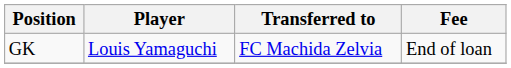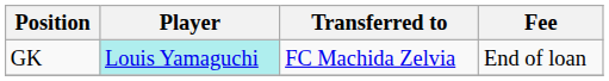 <table class="wikitable sortable" style="width:70%; text-align:center; font-size:100%; text-align:left;">
 <tr>
 <th>Position</th>
 <th>Player</th>
 <th>Transferred to</th>
 <th>Fee</th>
 </tr>
 <tr>
 <td>GK</td>
-<td> <a href='#'>Louis Yamaguchi</a></td>
+<td style="background: paleturquoise;"> <a href='#'>Louis Yamaguchi</a></td>
 <td> <a href='#'>FC Machida Zelvia</a></td>
 <td>End of loan  </td>
 </tr>
 <tr>
 </tr>
 </table>
